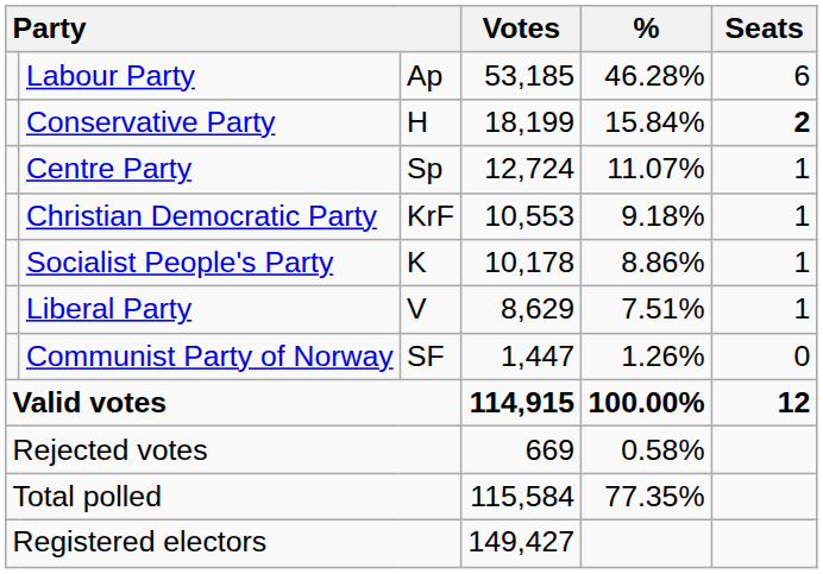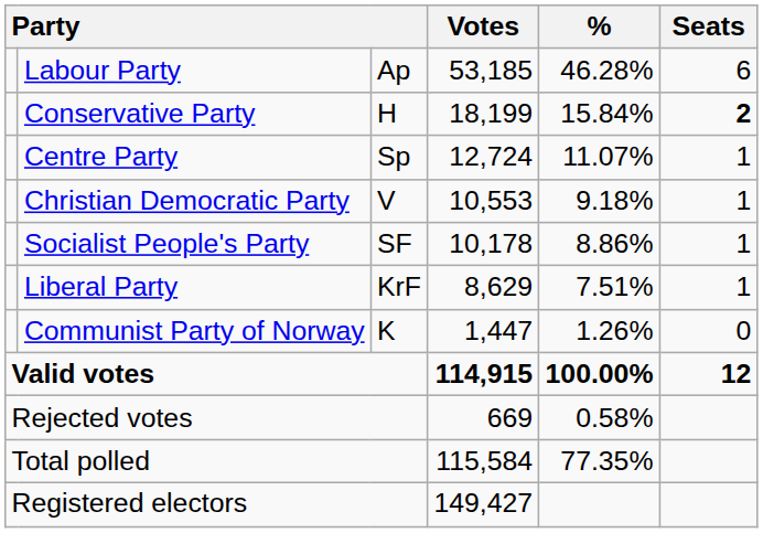 <table class="wikitable" border="1" style="text-align:right;">
 <tr>
 <th style="text-align:left;" colspan=3>Party</th>
 <th align=center width="50">Votes</th>
 <th align=center width="50">%</th>
 <th align=center width="50">Seats</th>
 </tr>
 <tr>
 <td style="color:inherit;background:"></td>
 <td align=left><a href='#'>Labour Party</a></td>
 <td align=left>Ap</td>
 <td>53,185</td>
 <td>46.28%</td>
 <td>6</td>
 </tr>
 <tr>
 <td style="color:inherit;background:"></td>
 <td align=left><a href='#'>Conservative Party</a></td>
 <td align=left>H</td>
 <td>18,199</td>
 <td>15.84%</td>
 <td><strong>2</strong></td>
 </tr>
 <tr>
 <td style="color:inherit;background:"></td>
 <td align=left><a href='#'>Centre Party</a></td>
 <td align=left>Sp</td>
 <td>12,724</td>
 <td>11.07%</td>
 <td>1</td>
 </tr>
 <tr>
 <td style="color:inherit;background:"></td>
 <td align=left><a href='#'>Christian Democratic Party</a></td>
-<td align=left>KrF</td>
+<td align=left>V</td>
 <td>10,553</td>
 <td>9.18%</td>
 <td>1</td>
 </tr>
 <tr>
 <td style="color:inherit;background:"></td>
 <td align=left><a href='#'>Socialist People's Party</a></td>
-<td align=left>K</td>
+<td align=left>SF</td>
 <td>10,178</td>
 <td>8.86%</td>
 <td>1</td>
 </tr>
 <tr>
 <td style="color:inherit;background:"></td>
 <td align=left><a href='#'>Liberal Party</a></td>
-<td align=left>V</td>
+<td align=left>KrF</td>
 <td>8,629</td>
 <td>7.51%</td>
 <td>1</td>
 </tr>
 <tr>
 <td style="color:inherit;background:"></td>
 <td align=left><a href='#'>Communist Party of Norway</a></td>
-<td align=left>SF</td>
+<td align=left>K</td>
 <td>1,447</td>
 <td>1.26%</td>
 <td>0</td>
 </tr>
 <tr style="font-weight:bold">
 <td align=left colspan=3>Valid votes</td>
 <td>114,915</td>
 <td>100.00%</td>
 <td>12</td>
 </tr>
 <tr>
 <td align=left colspan=3>Rejected votes</td>
 <td>669</td>
 <td>0.58%</td>
 <td></td>
 </tr>
 <tr>
 <td align=left colspan=3>Total polled</td>
 <td>115,584</td>
 <td>77.35%</td>
 <td></td>
 </tr>
 <tr>
 <td align=left colspan=3>Registered electors</td>
 <td>149,427</td>
 <td></td>
 <td></td>
 </tr>
 </table>
